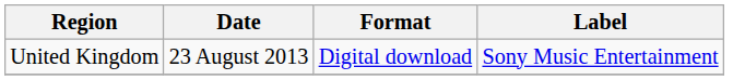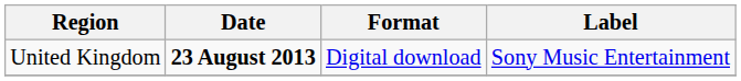 <table class=wikitable>
 <tr>
 <th>Region</th>
 <th>Date</th>
 <th>Format</th>
 <th>Label</th>
 </tr>
 <tr>
 <td>United Kingdom</td>
-<td>23 August 2013</td>
+<td><strong>23 August 2013</strong></td>
 <td><a href='#'>Digital download</a></td>
 <td><a href='#'>Sony Music Entertainment</a></td>
 </tr>
 <tr>
 </tr>
 </table>
